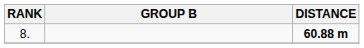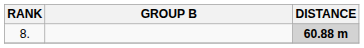 <table class="wikitable" style="border-collapse: collapse; font-size: 90%;">
 <tr>
 <th>RANK</th>
 <th style="width: 20em">GROUP B</th>
 <th style="width: 5em">DISTANCE</th>
 </tr>
 <tr>
 <td align="center">8.</td>
 <td></td>
-<td align="center"><strong>60.88 m</strong></td>
+<td align="center" style="background: lightgrey;"><strong>60.88 m</strong></td>
 </tr>
 <tr>
 </tr>
 </table>
